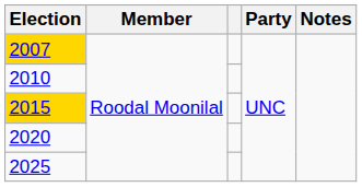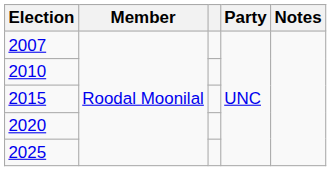 <table class="wikitable sortable">
 <tr>
 <th>Election</th>
 <th>Member</th>
 <th></th>
 <th>Party</th>
 <th>Notes</th>
 </tr>
 <tr>
-<td style="background: gold;"><a href='#'>2007</a></td>
+<td><a href='#'>2007</a></td>
 <td rowspan="5"><a href='#'>Roodal Moonilal</a></td>
 <td style="background:"> </td>
 <td rowspan="5"><a href='#'>UNC</a></td>
 <td rowspan="5"></td>
 </tr>
 <tr>
 <td><a href='#'>2010</a></td>
 <td style="background:"> </td>
 </tr>
 <tr>
-<td style="background: gold;"><a href='#'>2015</a></td>
+<td><a href='#'>2015</a></td>
 <td style="background:"> </td>
 </tr>
 <tr>
 <td><a href='#'>2020</a></td>
 <td style="background:"> </td>
 </tr>
 <tr>
 <td><a href='#'>2025</a></td>
 <td style="background:"> </td>
 </tr>
 </table>
